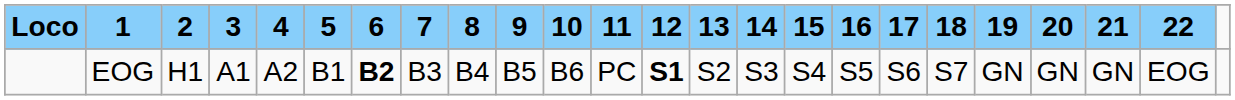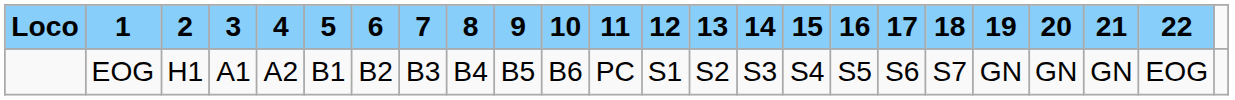 <table class="wikitable plainrowheaders unsortable" style="text-align:center">
 <tr>
 <th scope="col" rowspan="1" style="background:lightskyblue;">Loco</th>
 <th scope="col" rowspan="1" style="background:lightskyblue;">1</th>
 <th scope="col" rowspan="1" style="background:lightskyblue;">2</th>
 <th scope="col" rowspan="1" style="background:lightskyblue;">3</th>
 <th scope="col" rowspan="1" style="background:lightskyblue;">4</th>
 <th scope="col" rowspan="1" style="background:lightskyblue;">5</th>
 <th scope="col" rowspan="1" style="background:lightskyblue;">6</th>
 <th scope="col" rowspan="1" style="background:lightskyblue;">7</th>
 <th scope="col" rowspan="1" style="background:lightskyblue;">8</th>
 <th scope="col" rowspan="1" style="background:lightskyblue;">9</th>
 <th scope="col" rowspan="1" style="background:lightskyblue;">10</th>
 <th scope="col" rowspan="1" style="background:lightskyblue;">11</th>
 <th scope="col" rowspan="1" style="background:lightskyblue;">12</th>
 <th scope="col" rowspan="1" style="background:lightskyblue;">13</th>
 <th scope="col" rowspan="1" style="background:lightskyblue;">14</th>
 <th scope="col" rowspan="1" style="background:lightskyblue;">15</th>
 <th scope="col" rowspan="1" style="background:lightskyblue;">16</th>
 <th scope="col" rowspan="1" style="background:lightskyblue;">17</th>
 <th scope="col" rowspan="1" style="background:lightskyblue;">18</th>
 <th scope="col" rowspan="1" style="background:lightskyblue;">19</th>
 <th scope="col" rowspan="1" style="background:lightskyblue;">20</th>
 <th scope="col" rowspan="1" style="background:lightskyblue;">21</th>
 <th scope="col" rowspan="1" style="background:lightskyblue;">22</th>
 </tr>
 <tr>
 <td></td>
 <td>EOG</td>
 <td>H1</td>
 <td>A1</td>
 <td>A2</td>
 <td>B1</td>
-<td><strong>B2</strong></td>
+<td>B2</td>
 <td>B3</td>
 <td>B4</td>
 <td>B5</td>
 <td>B6</td>
 <td>PC</td>
-<td><strong>S1</strong></td>
+<td>S1</td>
 <td>S2</td>
 <td>S3</td>
 <td>S4</td>
 <td>S5</td>
 <td>S6</td>
 <td>S7</td>
 <td>GN</td>
 <td>GN</td>
 <td>GN</td>
 <td>EOG</td>
 <td CV></td>
 </tr>
 </table>
